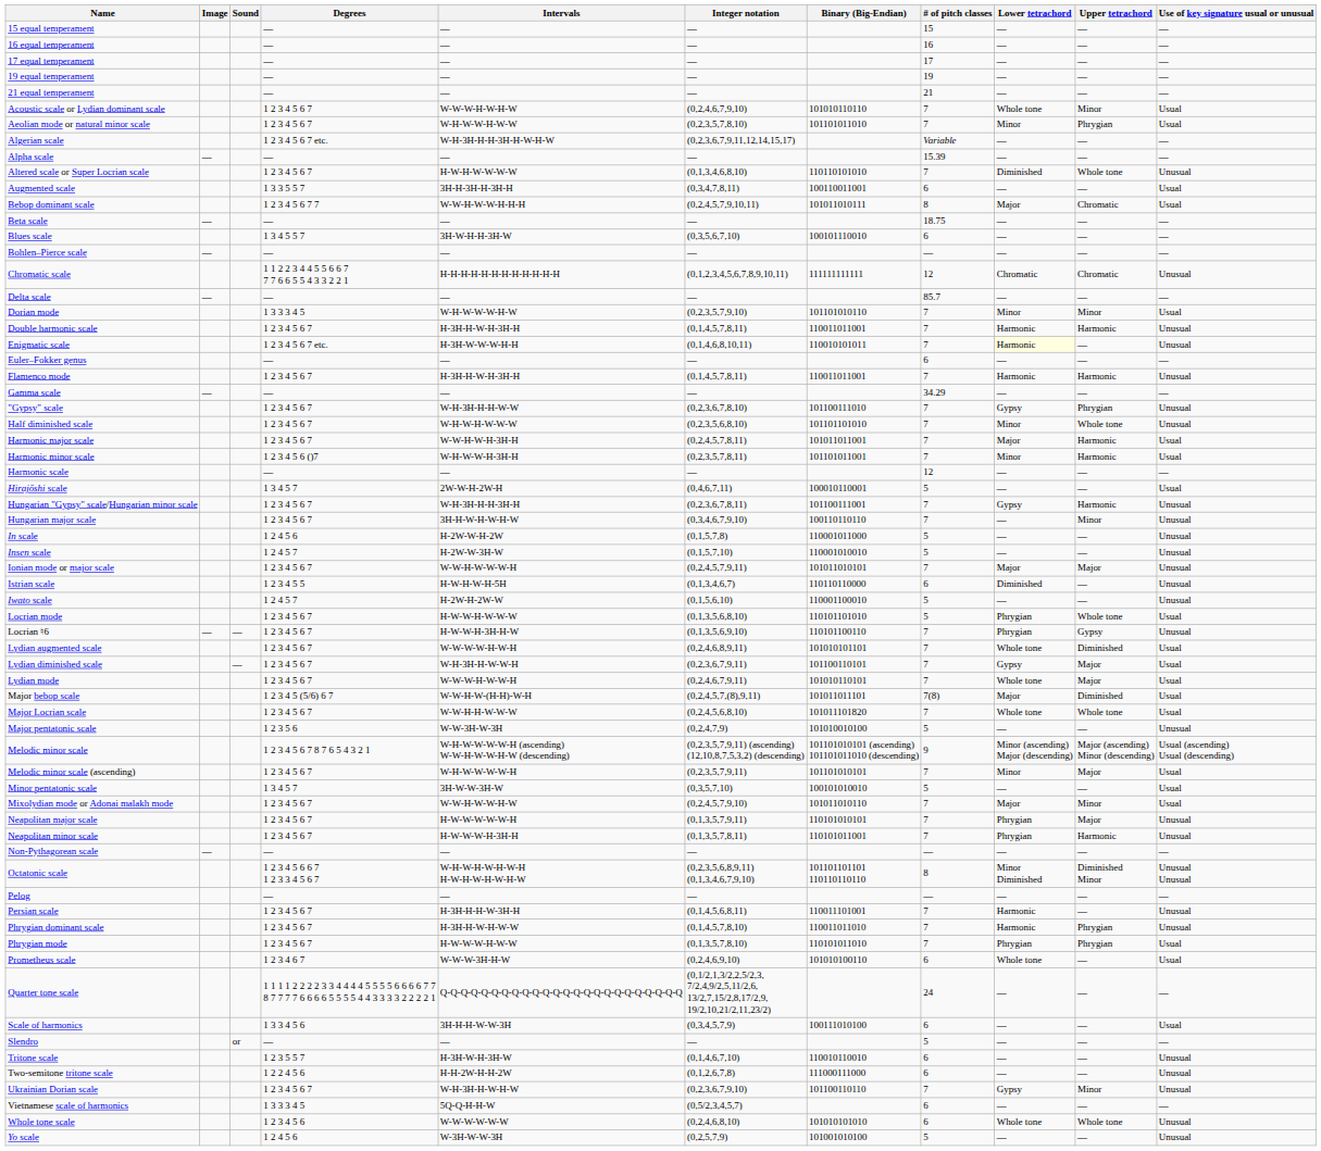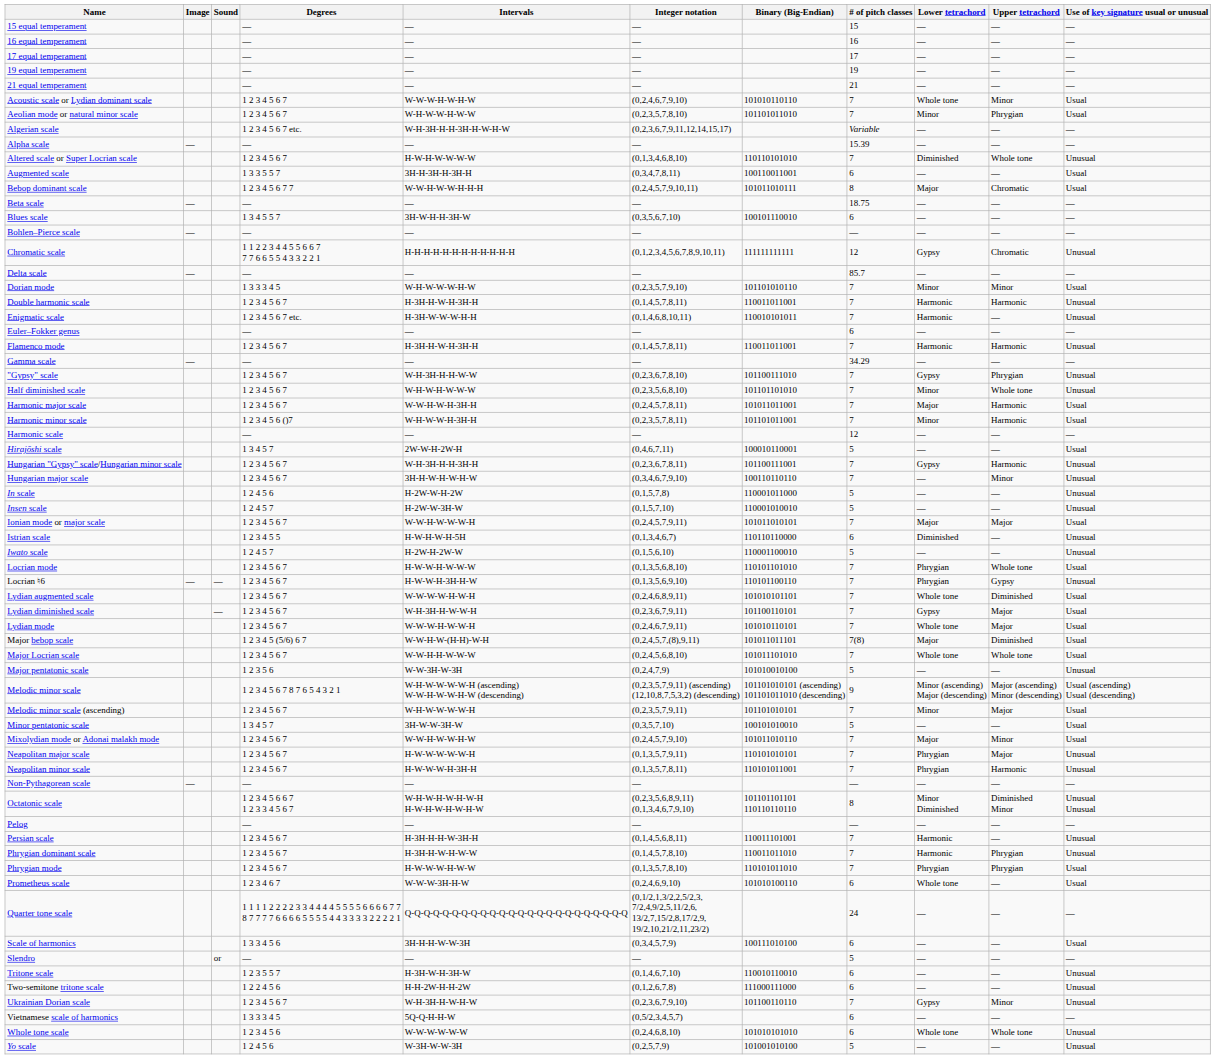 <table class="wikitable sortable" align="center" style="font-size:90%; float:center; margin: 0 0 1em 1em;">
 <tr>
 <th>Name</th>
 <th>Image</th>
 <th>Sound</th>
 <th>Degrees</th>
 <th>Intervals</th>
 <th>Integer notation</th>
 <th>Binary (Big-Endian)</th>
 <th># of pitch classes</th>
 <th>Lower <a href='#'>tetrachord</a></th>
 <th>Upper <a href='#'>tetrachord</a></th>
 <th>Use of <a href='#'>key signature</a> usual or unusual</th>
 </tr>
 <tr>
 <td><a href='#'>15 equal temperament</a></td>
 <td></td>
 <td></td>
 <td>—</td>
 <td>—</td>
 <td>—</td>
 <td></td>
 <td>15</td>
 <td>—</td>
 <td>—</td>
 <td>—</td>
 </tr>
 <tr>
 <td><a href='#'>16 equal temperament</a></td>
 <td></td>
 <td></td>
 <td>—</td>
 <td>—</td>
 <td>—</td>
 <td></td>
 <td>16</td>
 <td>—</td>
 <td>—</td>
 <td>—</td>
 </tr>
 <tr>
 <td><a href='#'>17 equal temperament</a></td>
 <td></td>
 <td></td>
 <td>—</td>
 <td>—</td>
 <td>—</td>
 <td></td>
 <td>17</td>
 <td>—</td>
 <td>—</td>
 <td>—</td>
 </tr>
 <tr>
 <td><a href='#'>19 equal temperament</a></td>
 <td></td>
 <td></td>
 <td>—</td>
 <td>—</td>
 <td>—</td>
 <td></td>
 <td>19</td>
 <td>—</td>
 <td>—</td>
 <td>—</td>
 </tr>
 <tr>
 <td><a href='#'>21 equal temperament</a></td>
 <td></td>
 <td></td>
 <td>—</td>
 <td>—</td>
 <td>—</td>
 <td></td>
 <td>21</td>
 <td>—</td>
 <td>—</td>
 <td>—</td>
 </tr>
 <tr>
 <td><a href='#'>Acoustic scale</a> or <a href='#'>Lydian dominant scale</a></td>
 <td></td>
 <td></td>
 <td>1 2 3 4 5 6 7</td>
 <td>W-W-W-H-W-H-W</td>
 <td>(0,2,4,6,7,9,10)</td>
 <td>101010110110</td>
 <td>7</td>
 <td>Whole tone</td>
 <td>Minor</td>
 <td>Usual</td>
 </tr>
 <tr>
 <td><a href='#'>Aeolian mode</a> or <a href='#'>natural minor scale</a></td>
 <td></td>
 <td></td>
 <td>1 2 3 4 5 6 7</td>
 <td>W-H-W-W-H-W-W</td>
 <td>(0,2,3,5,7,8,10)</td>
 <td>101101011010</td>
 <td>7</td>
 <td>Minor</td>
 <td>Phrygian</td>
 <td>Usual</td>
 </tr>
 <tr>
 <td><a href='#'>Algerian scale</a></td>
 <td></td>
 <td></td>
 <td>1 2 3 4 5 6 7 etc.</td>
 <td>W-H-3H-H-H-3H-H-W-H-W</td>
 <td>(0,2,3,6,7,9,11,12,14,15,17)</td>
 <td></td>
 <td><em>Variable</em></td>
 <td>—</td>
 <td>—</td>
 <td>—</td>
 </tr>
 <tr>
 <td><a href='#'>Alpha scale</a></td>
 <td>—</td>
 <td></td>
 <td>—</td>
 <td>—</td>
 <td>—</td>
 <td></td>
 <td>15.39</td>
 <td>—</td>
 <td>—</td>
 <td>—</td>
 </tr>
 <tr>
 <td><a href='#'>Altered scale</a> or <a href='#'>Super Locrian scale</a></td>
 <td></td>
 <td></td>
 <td>1 2 3 4 5 6 7</td>
 <td>H-W-H-W-W-W-W</td>
 <td>(0,1,3,4,6,8,10)</td>
 <td>110110101010</td>
 <td>7</td>
 <td>Diminished</td>
 <td>Whole tone</td>
 <td>Unusual</td>
 </tr>
 <tr>
 <td><a href='#'>Augmented scale</a></td>
 <td></td>
 <td></td>
 <td>1 3 3 5 5 7</td>
 <td>3H-H-3H-H-3H-H</td>
 <td>(0,3,4,7,8,11)</td>
 <td>100110011001</td>
 <td>6</td>
 <td>—</td>
 <td>—</td>
 <td>Usual</td>
 </tr>
 <tr>
 <td><a href='#'>Bebop dominant scale</a></td>
 <td></td>
 <td></td>
 <td>1 2 3 4 5 6 7 7</td>
 <td>W-W-H-W-W-H-H-H</td>
 <td>(0,2,4,5,7,9,10,11)</td>
 <td>101011010111</td>
 <td>8</td>
 <td>Major</td>
 <td>Chromatic</td>
 <td>Usual</td>
 </tr>
 <tr>
 <td><a href='#'>Beta scale</a></td>
 <td>—</td>
 <td></td>
 <td>—</td>
 <td>—</td>
 <td>—</td>
 <td></td>
 <td>18.75</td>
 <td>—</td>
 <td>—</td>
 <td>—</td>
 </tr>
 <tr>
 <td><a href='#'>Blues scale</a></td>
 <td></td>
 <td></td>
 <td>1 3 4 5 5 7</td>
 <td>3H-W-H-H-3H-W</td>
 <td>(0,3,5,6,7,10)</td>
 <td>100101110010</td>
 <td>6</td>
 <td>—</td>
 <td>—</td>
 <td>—</td>
 </tr>
 <tr>
 <td><a href='#'>Bohlen–Pierce scale</a></td>
 <td>—</td>
 <td></td>
 <td>—</td>
 <td>—</td>
 <td>—</td>
 <td></td>
 <td>—</td>
 <td>—</td>
 <td>—</td>
 <td>—</td>
 </tr>
 <tr>
 <td><a href='#'>Chromatic scale</a></td>
 <td></td>
 <td></td>
 <td>1 1 2 2 3 4 4 5 5 6 6 7<br>7 7 6 6 5 5 4 3 3 2 2 1</td>
 <td>H-H-H-H-H-H-H-H-H-H-H-H</td>
 <td>(0,1,2,3,4,5,6,7,8,9,10,11)</td>
 <td>111111111111</td>
 <td>12</td>
-<td>Chromatic</td>
+<td>Gypsy</td>
 <td>Chromatic</td>
 <td>Unusual</td>
 </tr>
 <tr>
 <td><a href='#'>Delta scale</a></td>
 <td>—</td>
 <td></td>
 <td>—</td>
 <td>—</td>
 <td>—</td>
 <td></td>
 <td>85.7</td>
 <td>—</td>
 <td>—</td>
 <td>—</td>
 </tr>
 <tr>
 <td><a href='#'>Dorian mode</a></td>
 <td></td>
 <td></td>
 <td>1 3 3 3 4 5</td>
 <td>W-H-W-W-W-H-W</td>
 <td>(0,2,3,5,7,9,10)</td>
 <td>101101010110</td>
 <td>7</td>
 <td>Minor</td>
 <td>Minor</td>
 <td>Usual</td>
 </tr>
 <tr>
 <td><a href='#'>Double harmonic scale</a></td>
 <td></td>
 <td></td>
 <td>1 2 3 4 5 6 7</td>
 <td>H-3H-H-W-H-3H-H</td>
 <td>(0,1,4,5,7,8,11)</td>
 <td>110011011001</td>
 <td>7</td>
 <td>Harmonic</td>
 <td>Harmonic</td>
 <td>Unusual</td>
 </tr>
 <tr>
 <td><a href='#'>Enigmatic scale</a></td>
 <td></td>
 <td></td>
 <td>1 2 3 4 5 6 7 etc.</td>
 <td>H-3H-W-W-W-H-H</td>
 <td>(0,1,4,6,8,10,11)</td>
 <td>110010101011</td>
 <td>7</td>
-<td style="background: lightyellow;">Harmonic</td>
+<td>Harmonic</td>
 <td>—</td>
 <td>Unusual</td>
 </tr>
 <tr>
 <td><a href='#'>Euler–Fokker genus</a></td>
 <td></td>
 <td></td>
 <td>—</td>
 <td>—</td>
 <td>—</td>
 <td></td>
 <td>6</td>
 <td>—</td>
 <td>—</td>
 <td>—</td>
 </tr>
 <tr>
 <td><a href='#'>Flamenco mode</a></td>
 <td></td>
 <td></td>
 <td>1 2 3 4 5 6 7</td>
 <td>H-3H-H-W-H-3H-H</td>
 <td>(0,1,4,5,7,8,11)</td>
 <td>110011011001</td>
 <td>7</td>
 <td>Harmonic</td>
 <td>Harmonic</td>
 <td>Unusual</td>
 </tr>
 <tr>
 <td><a href='#'>Gamma scale</a></td>
 <td>—</td>
 <td></td>
 <td>—</td>
 <td>—</td>
 <td>—</td>
 <td></td>
 <td>34.29</td>
 <td>—</td>
 <td>—</td>
 <td>—</td>
 </tr>
 <tr>
 <td><a href='#'>"Gypsy" scale</a></td>
 <td></td>
 <td></td>
 <td>1 2 3 4 5 6 7</td>
 <td>W-H-3H-H-H-W-W</td>
 <td>(0,2,3,6,7,8,10)</td>
 <td>101100111010</td>
 <td>7</td>
 <td>Gypsy</td>
 <td>Phrygian</td>
 <td>Unusual</td>
 </tr>
 <tr>
 <td><a href='#'>Half diminished scale</a></td>
 <td></td>
 <td></td>
 <td>1 2 3 4 5 6 7</td>
 <td>W-H-W-H-W-W-W</td>
 <td>(0,2,3,5,6,8,10)</td>
 <td>101101101010</td>
 <td>7</td>
 <td>Minor</td>
 <td>Whole tone</td>
 <td>Unusual</td>
 </tr>
 <tr>
 <td><a href='#'>Harmonic major scale</a></td>
 <td></td>
 <td></td>
 <td>1 2 3 4 5 6 7</td>
 <td>W-W-H-W-H-3H-H</td>
 <td>(0,2,4,5,7,8,11)</td>
 <td>101011011001</td>
 <td>7</td>
 <td>Major</td>
 <td>Harmonic</td>
 <td>Usual</td>
 </tr>
 <tr>
 <td><a href='#'>Harmonic minor scale</a></td>
 <td></td>
 <td></td>
 <td>1 2 3 4 5 6 ()7</td>
 <td>W-H-W-W-H-3H-H</td>
 <td>(0,2,3,5,7,8,11)</td>
 <td>101101011001</td>
 <td>7</td>
 <td>Minor</td>
 <td>Harmonic</td>
 <td>Usual</td>
 </tr>
 <tr>
 <td><a href='#'>Harmonic scale</a></td>
 <td></td>
 <td></td>
 <td>—</td>
 <td>—</td>
 <td>—</td>
 <td></td>
 <td>12</td>
 <td>—</td>
 <td>—</td>
 <td>—</td>
 </tr>
 <tr>
 <td><a href='#'><em>Hirajōshi</em> scale</a></td>
 <td></td>
 <td></td>
 <td>1 3 4 5 7</td>
 <td>2W-W-H-2W-H</td>
 <td>(0,4,6,7,11)</td>
 <td>100010110001</td>
 <td>5</td>
 <td>—</td>
 <td>—</td>
 <td>Usual</td>
 </tr>
 <tr>
 <td><a href='#'>Hungarian "Gypsy" scale</a>/<a href='#'>Hungarian minor scale</a></td>
 <td></td>
 <td></td>
 <td>1 2 3 4 5 6 7</td>
 <td>W-H-3H-H-H-3H-H</td>
 <td>(0,2,3,6,7,8,11)</td>
 <td>101100111001</td>
 <td>7</td>
 <td>Gypsy</td>
 <td>Harmonic</td>
 <td>Unusual</td>
 </tr>
 <tr>
 <td><a href='#'>Hungarian major scale</a></td>
 <td></td>
 <td></td>
 <td>1 2 3 4 5 6 7</td>
 <td>3H-H-W-H-W-H-W</td>
 <td>(0,3,4,6,7,9,10)</td>
 <td>100110110110</td>
 <td>7</td>
 <td>—</td>
 <td>Minor</td>
 <td>Unusual</td>
 </tr>
 <tr>
 <td><a href='#'><em>In</em> scale</a></td>
 <td></td>
 <td></td>
 <td>1 2 4 5 6</td>
 <td>H-2W-W-H-2W</td>
 <td>(0,1,5,7,8)</td>
 <td>110001011000</td>
 <td>5</td>
 <td>—</td>
 <td>—</td>
 <td>Unusual</td>
 </tr>
 <tr>
 <td><a href='#'><em>Insen</em> scale</a></td>
 <td></td>
 <td></td>
 <td>1 2 4 5 7</td>
 <td>H-2W-W-3H-W</td>
 <td>(0,1,5,7,10)</td>
 <td>110001010010</td>
 <td>5</td>
 <td>—</td>
 <td>—</td>
 <td>Unusual</td>
 </tr>
 <tr>
 <td><a href='#'>Ionian mode</a> or <a href='#'>major scale</a></td>
 <td></td>
 <td></td>
 <td>1 2 3 4 5 6 7</td>
 <td>W-W-H-W-W-W-H</td>
 <td>(0,2,4,5,7,9,11)</td>
 <td>101011010101</td>
 <td>7</td>
 <td>Major</td>
 <td>Major</td>
-<td>Unusual</td>
+<td>Usual</td>
 </tr>
 <tr>
 <td><a href='#'>Istrian scale</a></td>
 <td></td>
 <td></td>
 <td>1 2 3 4 5 5</td>
 <td>H-W-H-W-H-5H</td>
 <td>(0,1,3,4,6,7)</td>
 <td>110110110000</td>
 <td>6</td>
 <td>Diminished</td>
 <td>—</td>
 <td>Unusual</td>
 </tr>
 <tr>
 <td><a href='#'><em>Iwato</em> scale</a></td>
 <td></td>
 <td></td>
 <td>1 2 4 5 7</td>
 <td>H-2W-H-2W-W</td>
 <td>(0,1,5,6,10)</td>
 <td>110001100010</td>
 <td>5</td>
 <td>—</td>
 <td>—</td>
 <td>Unusual</td>
 </tr>
 <tr>
 <td><a href='#'>Locrian mode</a></td>
 <td></td>
 <td></td>
 <td>1 2 3 4 5 6 7</td>
 <td>H-W-W-H-W-W-W</td>
 <td>(0,1,3,5,6,8,10)</td>
 <td>110101101010</td>
-<td>5</td>
+<td>7</td>
 <td>Phrygian</td>
 <td>Whole tone</td>
 <td>Usual</td>
 </tr>
 <tr>
 <td>Locrian ♮6</td>
 <td>—</td>
 <td>—</td>
 <td>1 2 3 4 5 6 7</td>
 <td>H-W-W-H-3H-H-W</td>
 <td>(0,1,3,5,6,9,10)</td>
 <td>110101100110</td>
 <td>7</td>
 <td>Phrygian</td>
 <td>Gypsy</td>
 <td>Unusual</td>
 </tr>
 <tr>
 <td><a href='#'>Lydian augmented scale</a></td>
 <td></td>
 <td></td>
 <td>1 2 3 4 5 6 7</td>
 <td>W-W-W-W-H-W-H</td>
 <td>(0,2,4,6,8,9,11)</td>
 <td>101010101101</td>
 <td>7</td>
 <td>Whole tone</td>
 <td>Diminished</td>
 <td>Usual</td>
 </tr>
 <tr>
 <td><a href='#'>Lydian diminished scale</a></td>
 <td></td>
 <td>—</td>
 <td>1 2 3 4 5 6 7</td>
 <td>W-H-3H-H-W-W-H</td>
 <td>(0,2,3,6,7,9,11)</td>
 <td>101100110101</td>
 <td>7</td>
 <td>Gypsy</td>
 <td>Major</td>
 <td>Usual</td>
 </tr>
 <tr>
 <td><a href='#'>Lydian mode</a></td>
 <td></td>
 <td></td>
 <td>1 2 3 4 5 6 7</td>
 <td>W-W-W-H-W-W-H</td>
 <td>(0,2,4,6,7,9,11)</td>
 <td>101010110101</td>
 <td>7</td>
 <td>Whole tone</td>
 <td>Major</td>
 <td>Usual</td>
 </tr>
 <tr>
 <td>Major <a href='#'>bebop scale</a></td>
 <td></td>
 <td></td>
 <td>1 2 3 4 5 (5/6) 6 7</td>
 <td>W-W-H-W-(H-H)-W-H</td>
 <td>(0,2,4,5,7,(8),9,11)</td>
 <td>101011011101</td>
 <td>7(8)</td>
 <td>Major</td>
 <td>Diminished</td>
 <td>Usual</td>
 </tr>
 <tr>
 <td><a href='#'>Major Locrian scale</a></td>
 <td></td>
 <td></td>
 <td>1 2 3 4 5 6 7</td>
 <td>W-W-H-H-W-W-W</td>
 <td>(0,2,4,5,6,8,10)</td>
-<td>101011101820</td>
+<td>101011101010</td>
 <td>7</td>
 <td>Whole tone</td>
 <td>Whole tone</td>
 <td>Usual</td>
 </tr>
 <tr>
 <td><a href='#'>Major pentatonic scale</a></td>
 <td></td>
 <td></td>
 <td>1 2 3 5 6</td>
 <td>W-W-3H-W-3H</td>
 <td>(0,2,4,7,9)</td>
 <td>101010010100</td>
 <td>5</td>
 <td>—</td>
 <td>—</td>
 <td>Unusual</td>
 </tr>
 <tr>
 <td><a href='#'>Melodic minor scale</a></td>
 <td></td>
 <td></td>
 <td>1 2 3 4 5 6 7 8 7 6 5 4 3 2 1</td>
 <td>W-H-W-W-W-W-H (ascending)<br>W-W-H-W-W-H-W (descending)</td>
 <td>(0,2,3,5,7,9,11) (ascending)<br>(12,10,8,7,5,3,2) (descending)</td>
 <td>101101010101 (ascending)<br>101101011010 (descending)</td>
 <td>9</td>
 <td>Minor (ascending)<br>Major (descending)</td>
 <td>Major (ascending)<br>Minor (descending)</td>
 <td>Usual (ascending)<br>Usual (descending)</td>
 </tr>
 <tr>
 <td><a href='#'>Melodic minor scale</a> (ascending)</td>
 <td></td>
 <td></td>
 <td>1 2 3 4 5 6 7</td>
 <td>W-H-W-W-W-W-H</td>
 <td>(0,2,3,5,7,9,11)</td>
 <td>101101010101</td>
 <td>7</td>
 <td>Minor</td>
 <td>Major</td>
 <td>Usual</td>
 </tr>
 <tr>
 <td><a href='#'>Minor pentatonic scale</a></td>
 <td></td>
 <td></td>
 <td>1 3 4 5 7</td>
 <td>3H-W-W-3H-W</td>
 <td>(0,3,5,7,10)</td>
 <td>100101010010</td>
 <td>5</td>
 <td>—</td>
 <td>—</td>
 <td>Usual</td>
 </tr>
 <tr>
 <td><a href='#'>Mixolydian mode</a> or <a href='#'>Adonai malakh mode</a></td>
 <td></td>
 <td></td>
 <td>1 2 3 4 5 6 7</td>
 <td>W-W-H-W-W-H-W</td>
 <td>(0,2,4,5,7,9,10)</td>
 <td>101011010110</td>
 <td>7</td>
 <td>Major</td>
 <td>Minor</td>
 <td>Usual</td>
 </tr>
 <tr>
 <td><a href='#'>Neapolitan major scale</a></td>
 <td></td>
 <td></td>
 <td>1 2 3 4 5 6 7</td>
 <td>H-W-W-W-W-W-H</td>
 <td>(0,1,3,5,7,9,11)</td>
 <td>110101010101</td>
 <td>7</td>
 <td>Phrygian</td>
 <td>Major</td>
 <td>Unusual</td>
 </tr>
 <tr>
 <td><a href='#'>Neapolitan minor scale</a></td>
 <td></td>
 <td></td>
 <td>1 2 3 4 5 6 7</td>
 <td>H-W-W-W-H-3H-H</td>
 <td>(0,1,3,5,7,8,11)</td>
 <td>110101011001</td>
 <td>7</td>
 <td>Phrygian</td>
 <td>Harmonic</td>
 <td>Unusual</td>
 </tr>
 <tr>
 <td><a href='#'>Non-Pythagorean scale</a></td>
 <td>—</td>
 <td></td>
 <td>—</td>
 <td>—</td>
 <td>—</td>
 <td></td>
 <td>—</td>
 <td>—</td>
 <td>—</td>
 <td>—</td>
 </tr>
 <tr>
 <td><a href='#'>Octatonic scale</a></td>
 <td></td>
 <td></td>
 <td>1 2 3 4 5 6 6 7<br>1 2 3 3 4 5 6 7</td>
 <td>W-H-W-H-W-H-W-H<br>H-W-H-W-H-W-H-W</td>
 <td>(0,2,3,5,6,8,9,11)<br>(0,1,3,4,6,7,9,10)</td>
 <td>101101101101<br>110110110110</td>
 <td>8</td>
 <td>Minor<br>Diminished</td>
 <td>Diminished<br>Minor</td>
 <td>Unusual<br>Unusual</td>
 </tr>
 <tr>
 <td><a href='#'>Pelog</a></td>
 <td></td>
 <td></td>
 <td>—</td>
 <td>—</td>
 <td>—</td>
 <td></td>
 <td>—</td>
 <td>—</td>
 <td>—</td>
 <td>—</td>
 </tr>
 <tr>
 <td><a href='#'>Persian scale</a></td>
 <td></td>
 <td></td>
 <td>1 2 3 4 5 6 7</td>
 <td>H-3H-H-H-W-3H-H</td>
 <td>(0,1,4,5,6,8,11)</td>
 <td>110011101001</td>
 <td>7</td>
 <td>Harmonic</td>
 <td>—</td>
 <td>Unusual</td>
 </tr>
 <tr>
 <td><a href='#'>Phrygian dominant scale</a></td>
 <td></td>
 <td></td>
 <td>1 2 3 4 5 6 7</td>
 <td>H-3H-H-W-H-W-W</td>
 <td>(0,1,4,5,7,8,10)</td>
 <td>110011011010</td>
 <td>7</td>
 <td>Harmonic</td>
 <td>Phrygian</td>
 <td>Unusual</td>
 </tr>
 <tr>
 <td><a href='#'>Phrygian mode</a></td>
 <td></td>
 <td></td>
 <td>1 2 3 4 5 6 7</td>
 <td>H-W-W-W-H-W-W</td>
 <td>(0,1,3,5,7,8,10)</td>
 <td>110101011010</td>
 <td>7</td>
 <td>Phrygian</td>
 <td>Phrygian</td>
 <td>Usual</td>
 </tr>
 <tr>
 <td><a href='#'>Prometheus scale</a></td>
 <td></td>
 <td></td>
 <td>1 2 3 4 6 7</td>
 <td>W-W-W-3H-H-W</td>
 <td>(0,2,4,6,9,10)</td>
 <td>101010100110</td>
 <td>6</td>
 <td>Whole tone</td>
 <td>—</td>
 <td>Usual</td>
 </tr>
 <tr>
 <td><a href='#'>Quarter tone scale</a></td>
 <td></td>
 <td></td>
 <td>1 1 1 1 2 2 2 2 3 3 4 4 4 4 5 5 5 5 6 6 6 6 7 7<br>8 7 7 7 7 6 6 6 6 5 5 5 5 4 4 3 3 3 3 2 2 2 2 1</td>
 <td>Q-Q-Q-Q-Q-Q-Q-Q-Q-Q-Q-Q-Q-Q-Q-Q-Q-Q-Q-Q-Q-Q-Q-Q</td>
 <td>(0,1/2,1,3/2,2,5/2,3,<br>7/2,4,9/2,5,11/2,6,<br>13/2,7,15/2,8,17/2,9,<br>19/2,10,21/2,11,23/2)</td>
 <td></td>
 <td>24</td>
 <td>—</td>
 <td>—</td>
 <td>—</td>
 </tr>
 <tr>
 <td><a href='#'>Scale of harmonics</a></td>
 <td></td>
 <td></td>
 <td>1 3 3 4 5 6</td>
 <td>3H-H-H-W-W-3H</td>
 <td>(0,3,4,5,7,9)</td>
 <td>100111010100</td>
 <td>6</td>
 <td>—</td>
 <td>—</td>
 <td>Usual</td>
 </tr>
 <tr>
 <td><a href='#'>Slendro</a></td>
 <td></td>
 <td> or </td>
 <td>—</td>
 <td>—</td>
 <td>—</td>
 <td></td>
 <td>5</td>
 <td>—</td>
 <td>—</td>
 <td>—</td>
 </tr>
 <tr>
 <td><a href='#'>Tritone scale</a></td>
 <td></td>
 <td></td>
 <td>1 2 3 5 5 7</td>
 <td>H-3H-W-H-3H-W</td>
 <td>(0,1,4,6,7,10)</td>
 <td>110010110010</td>
 <td>6</td>
 <td>—</td>
 <td>—</td>
 <td>Unusual</td>
 </tr>
 <tr>
 <td>Two-semitone <a href='#'>tritone scale</a></td>
 <td></td>
 <td></td>
 <td>1 2 2 4 5 6</td>
 <td>H-H-2W-H-H-2W</td>
 <td>(0,1,2,6,7,8)</td>
 <td>111000111000</td>
 <td>6</td>
 <td>—</td>
 <td>—</td>
 <td>Unusual</td>
 </tr>
 <tr>
 <td><a href='#'>Ukrainian Dorian scale</a></td>
 <td></td>
 <td></td>
 <td>1 2 3 4 5 6 7</td>
 <td>W-H-3H-H-W-H-W</td>
 <td>(0,2,3,6,7,9,10)</td>
 <td>101100110110</td>
 <td>7</td>
 <td>Gypsy</td>
 <td>Minor</td>
 <td>Unusual</td>
 </tr>
 <tr>
 <td>Vietnamese <a href='#'>scale of harmonics</a></td>
 <td></td>
 <td></td>
 <td>1 3 3 3 4 5</td>
 <td>5Q-Q-H-H-W</td>
 <td>(0,5/2,3,4,5,7)</td>
 <td></td>
 <td>6</td>
 <td>—</td>
 <td>—</td>
 <td>—</td>
 </tr>
 <tr>
 <td><a href='#'>Whole tone scale</a></td>
 <td></td>
 <td></td>
 <td>1 2 3 4 5 6</td>
 <td>W-W-W-W-W-W</td>
 <td>(0,2,4,6,8,10)</td>
 <td>101010101010</td>
 <td>6</td>
 <td>Whole tone</td>
 <td>Whole tone</td>
 <td>Unusual</td>
 </tr>
 <tr>
 <td><a href='#'><em>Yo</em> scale</a></td>
 <td></td>
 <td></td>
 <td>1 2 4 5 6</td>
 <td>W-3H-W-W-3H</td>
 <td>(0,2,5,7,9)</td>
 <td>101001010100</td>
 <td>5</td>
 <td>—</td>
 <td>—</td>
 <td>Unusual</td>
 </tr>
 </table>
